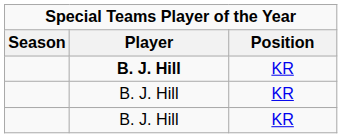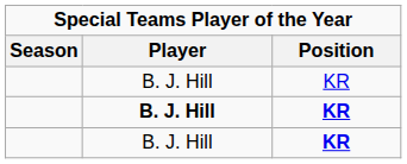 <table class="wikitable sortable" style="text-align:center">
 <tr>
 <td colspan="4"><strong>Special Teams Player of the Year</strong></td>
 </tr>
 <tr>
 <th style="width:50px; ">Season</th>
 <th style="width:150px; ">Player</th>
 <th style="width:100px; ">Position</th>
 </tr>
 <tr>
 <td></td>
-<td><strong>B. J. Hill</strong></td>
-<td><a href='#'>KR</a></td>
-</tr>
-<tr>
-<td></td>
 <td>B. J. Hill</td>
 <td><a href='#'>KR</a></td>
 </tr>
 <tr>
 <td></td>
+<td><strong>B. J. Hill</strong></td>
+<td><strong><a href='#'>KR</a></strong></td>
+</tr>
+<tr>
+<td></td>
 <td>B. J. Hill</td>
-<td><a href='#'>KR</a></td>
+<td><strong><a href='#'>KR</a></strong></td>
 </tr>
 </table>
